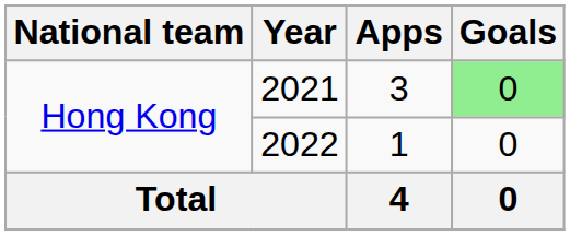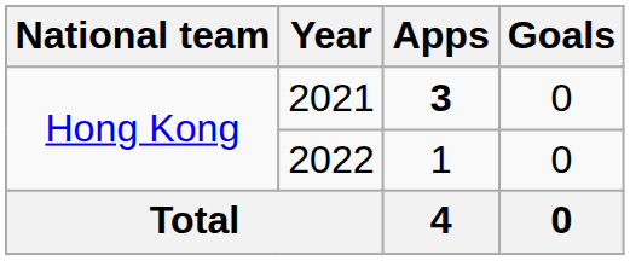 <table class="wikitable" style="text-align:center">
 <tr>
 <th>National team</th>
 <th>Year</th>
 <th>Apps</th>
 <th>Goals</th>
 </tr>
 <tr>
 <td rowspan="2"><a href='#'>Hong Kong</a></td>
 <td>2021</td>
-<td>3</td>
-<td style="background: lightgreen;">0</td>
+<td><strong>3</strong></td>
+<td>0</td>
 </tr>
 <tr>
 <td>2022</td>
 <td>1</td>
 <td>0</td>
 </tr>
 <tr>
 <th colspan=2>Total</th>
 <th>4</th>
 <th>0</th>
 </tr>
 </table>
